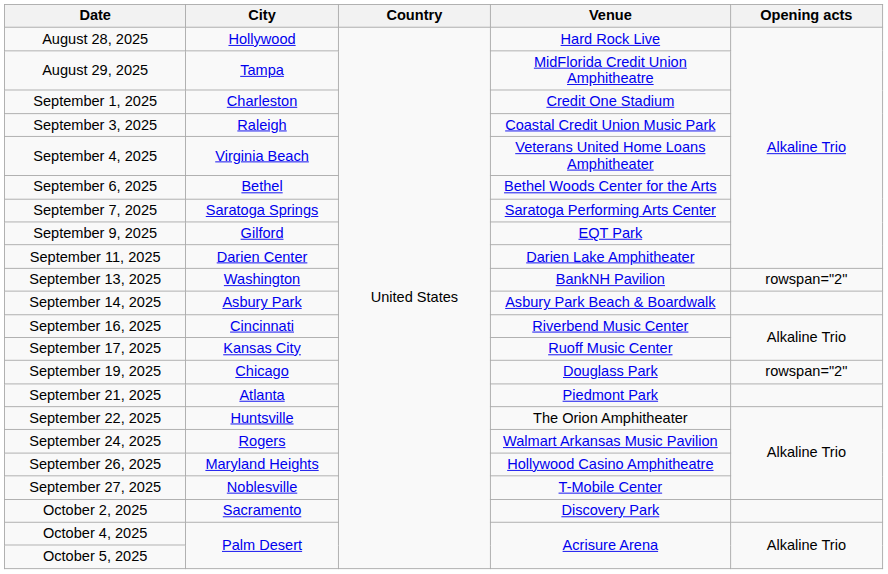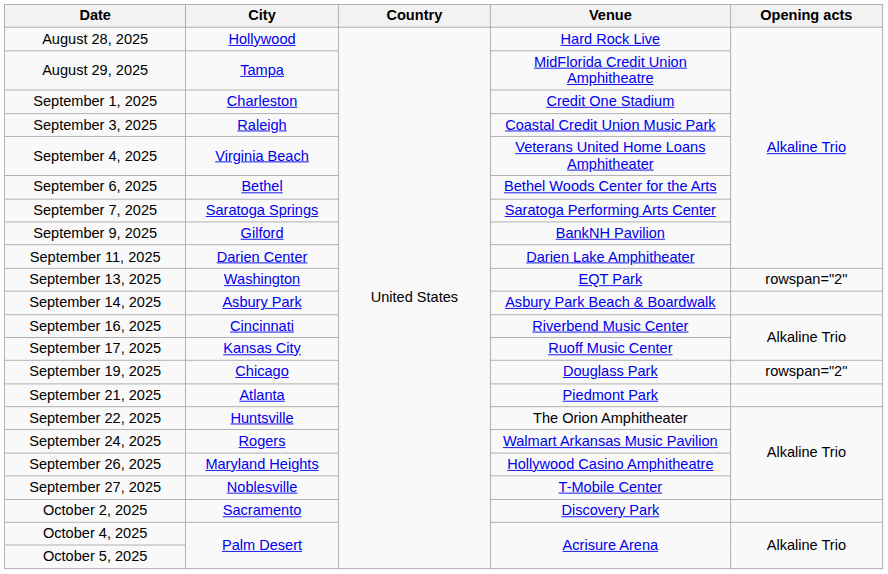 <table class="wikitable plainrowheaders" style="text-align:center;">
 <tr>
 <th scope="col" style="width:12em;">Date</th>
 <th scope="col" style="width:10em;">City</th>
 <th scope="col" style="width:10em;">Country</th>
 <th scope="col" style="width:16em;">Venue</th>
 <th scope="col" style="width:10em;">Opening acts</th>
 </tr>
 <tr>
 <td>August 28, 2025</td>
 <td><a href='#'>Hollywood</a></td>
 <td rowspan="22">United States</td>
 <td><a href='#'>Hard Rock Live</a></td>
 <td rowspan="9"><a href='#'>Alkaline Trio</a></td>
 </tr>
 <tr>
 <td>August 29, 2025</td>
 <td><a href='#'>Tampa</a></td>
 <td><a href='#'>MidFlorida Credit Union Amphitheatre</a></td>
 </tr>
 <tr>
 <td>September 1, 2025</td>
 <td><a href='#'>Charleston</a></td>
 <td><a href='#'>Credit One Stadium</a></td>
 </tr>
 <tr>
 <td>September 3, 2025</td>
 <td><a href='#'>Raleigh</a></td>
 <td><a href='#'>Coastal Credit Union Music Park</a></td>
 </tr>
 <tr>
 <td>September 4, 2025</td>
 <td><a href='#'>Virginia Beach</a></td>
 <td><a href='#'>Veterans United Home Loans Amphitheater</a></td>
 </tr>
 <tr>
 <td>September 6, 2025</td>
 <td><a href='#'>Bethel</a></td>
 <td><a href='#'>Bethel Woods Center for the Arts</a></td>
 </tr>
 <tr>
 <td>September 7, 2025</td>
 <td><a href='#'>Saratoga Springs</a></td>
 <td><a href='#'>Saratoga Performing Arts Center</a></td>
 </tr>
 <tr>
 <td>September 9, 2025</td>
 <td><a href='#'>Gilford</a></td>
-<td><a href='#'>EQT Park</a></td>
+<td><a href='#'>BankNH Pavilion</a></td>
 </tr>
 <tr>
 <td>September 11, 2025</td>
 <td><a href='#'>Darien Center</a></td>
 <td><a href='#'>Darien Lake Amphitheater</a></td>
 </tr>
 <tr>
 <td>September 13, 2025</td>
 <td><a href='#'>Washington</a></td>
-<td><a href='#'>BankNH Pavilion</a></td>
+<td><a href='#'>EQT Park</a></td>
 <td>rowspan="2" </td>
 </tr>
 <tr>
 <td>September 14, 2025</td>
 <td><a href='#'>Asbury Park</a></td>
 <td><a href='#'>Asbury Park Beach & Boardwalk</a></td>
 </tr>
 <tr>
 <td>September 16, 2025</td>
 <td><a href='#'>Cincinnati</a></td>
 <td><a href='#'>Riverbend Music Center</a></td>
 <td rowspan="2">Alkaline Trio</td>
 </tr>
 <tr>
 <td>September 17, 2025</td>
 <td><a href='#'>Kansas City</a></td>
 <td><a href='#'>Ruoff Music Center</a></td>
 </tr>
 <tr>
 <td>September 19, 2025</td>
 <td><a href='#'>Chicago</a></td>
 <td><a href='#'>Douglass Park</a></td>
 <td>rowspan="2" </td>
 </tr>
 <tr>
 <td>September 21, 2025</td>
 <td><a href='#'>Atlanta</a></td>
 <td><a href='#'>Piedmont Park</a></td>
 </tr>
 <tr>
 <td>September 22, 2025</td>
 <td><a href='#'>Huntsville</a></td>
 <td>The Orion Amphitheater</td>
 <td rowspan="4">Alkaline Trio</td>
 </tr>
 <tr>
 <td>September 24, 2025</td>
 <td><a href='#'>Rogers</a></td>
 <td><a href='#'>Walmart Arkansas Music Pavilion</a></td>
 </tr>
 <tr>
 <td>September 26, 2025</td>
 <td><a href='#'>Maryland Heights</a></td>
 <td><a href='#'>Hollywood Casino Amphitheatre</a></td>
 </tr>
 <tr>
 <td>September 27, 2025</td>
 <td><a href='#'>Noblesville</a></td>
 <td><a href='#'>T-Mobile Center</a></td>
 </tr>
 <tr>
 <td>October 2, 2025</td>
 <td><a href='#'>Sacramento</a></td>
 <td><a href='#'>Discovery Park</a></td>
 <td></td>
 </tr>
 <tr>
 <td>October 4, 2025</td>
 <td rowspan="2"><a href='#'>Palm Desert</a></td>
 <td rowspan="2"><a href='#'>Acrisure Arena</a></td>
 <td rowspan="2">Alkaline Trio</td>
 </tr>
 <tr>
 <td>October 5, 2025</td>
 </tr>
 </table>
